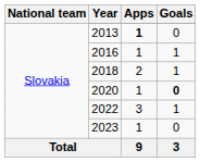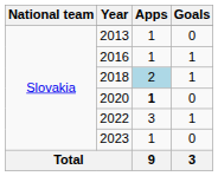 <table class="wikitable" style="text-align:center">
 <tr>
 <th>National team</th>
 <th>Year</th>
 <th>Apps</th>
 <th>Goals</th>
 </tr>
 <tr>
 <td rowspan=7><a href='#'>Slovakia</a></td>
 </tr>
 <tr>
 <td>2013</td>
-<td><strong>1</strong></td>
+<td>1</td>
 <td>0</td>
 </tr>
 <tr>
 <td>2016</td>
 <td>1</td>
 <td>1</td>
 </tr>
 <tr>
 <td>2018</td>
-<td>2</td>
+<td style="background: lightblue;">2</td>
 <td>1</td>
 </tr>
 <tr>
 <td>2020</td>
-<td>1</td>
-<td><strong>0</strong></td>
+<td><strong>1</strong></td>
+<td>0</td>
 </tr>
 <tr>
 <td>2022</td>
 <td>3</td>
 <td>1</td>
 </tr>
 <tr>
 <td>2023</td>
 <td>1</td>
 <td>0</td>
 </tr>
 <tr>
 <th colspan="2">Total</th>
 <th>9</th>
 <th>3</th>
 </tr>
 </table>
